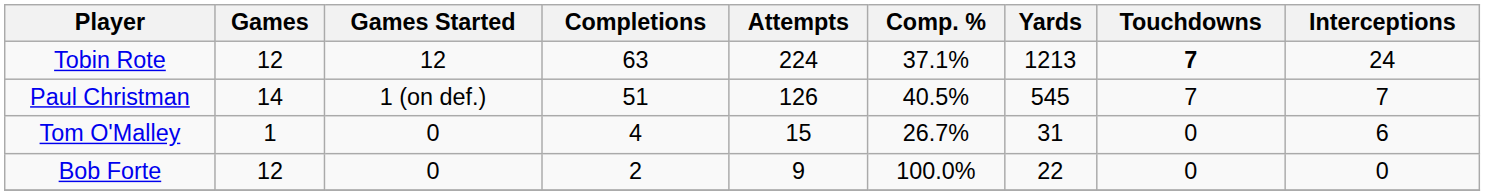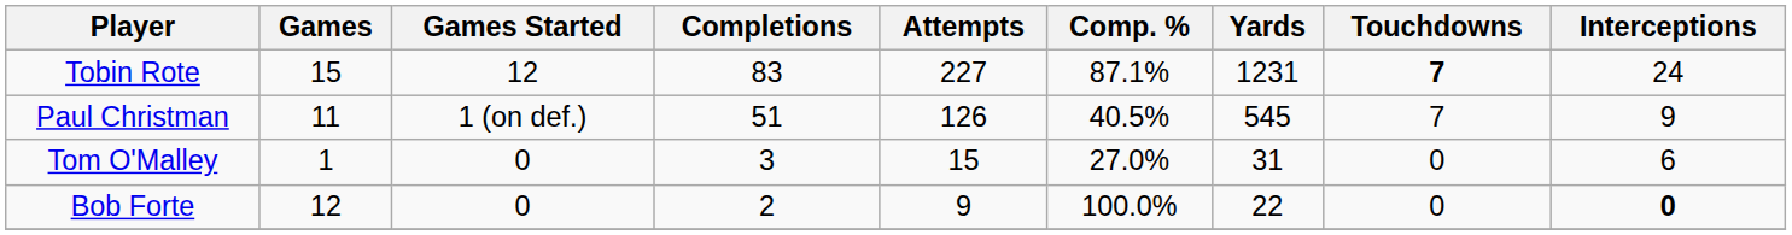 <table class="wikitable" width="80%">
 <tr>
 <th>Player</th>
 <th>Games</th>
 <th>Games Started</th>
 <th>Completions</th>
 <th>Attempts</th>
 <th>Comp. %</th>
 <th>Yards</th>
 <th>Touchdowns</th>
 <th>Interceptions</th>
 </tr>
 <tr align="center" bgcolor="">
 <td><a href='#'>Tobin Rote</a></td>
+<td>15</td>
 <td>12</td>
-<td>12</td>
-<td>63</td>
-<td>224</td>
-<td>37.1%</td>
-<td>1213</td>
+<td>83</td>
+<td>227</td>
+<td>87.1%</td>
+<td>1231</td>
 <td><strong>7</strong></td>
 <td>24</td>
 </tr>
 <tr align="center" bgcolor="">
 <td><a href='#'>Paul Christman</a></td>
-<td>14</td>
+<td>11</td>
 <td>1 (on def.)</td>
 <td>51</td>
 <td>126</td>
 <td>40.5%</td>
 <td>545</td>
 <td>7</td>
-<td>7</td>
+<td>9</td>
 </tr>
 <tr align="center" bgcolor="">
 <td><a href='#'>Tom O'Malley</a></td>
 <td>1</td>
 <td>0</td>
-<td>4</td>
+<td>3</td>
 <td>15</td>
-<td>26.7%</td>
+<td>27.0%</td>
 <td>31</td>
 <td>0</td>
 <td>6</td>
 </tr>
 <tr align="center" bgcolor="">
 <td><a href='#'>Bob Forte</a></td>
 <td>12</td>
 <td>0</td>
 <td>2</td>
 <td>9</td>
 <td>100.0%</td>
 <td>22</td>
 <td>0</td>
-<td>0</td>
+<td><strong>0</strong></td>
 </tr>
 <tr align="center" bgcolor="">
 </tr>
 </table>
